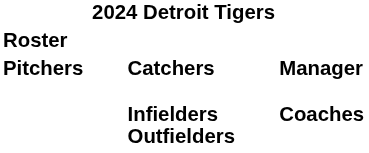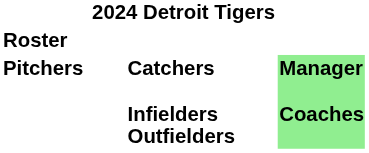 <table class="toccolours" style="font-size: 95%;">
 <tr>
 <th colspan="10">2024 Detroit Tigers</th>
 </tr>
 <tr>
 <td colspan="10"><strong>Roster</strong></td>
 </tr>
 <tr>
 <td valign="top"><strong>Pitchers</strong><br>                      </td>
 <td width="25px"></td>
 <td valign="top"><strong>Catchers</strong><br> <br><strong>Infielders</strong>          <br><strong>Outfielders</strong>        </td>
 <td width="25px"></td>
-<td valign="top"><strong>Manager</strong><br><br><strong>Coaches</strong>                          </td>
+<td valign="top" style="background: lightgreen;"><strong>Manager</strong><br><br><strong>Coaches</strong>                          </td>
 </tr>
 </table>
